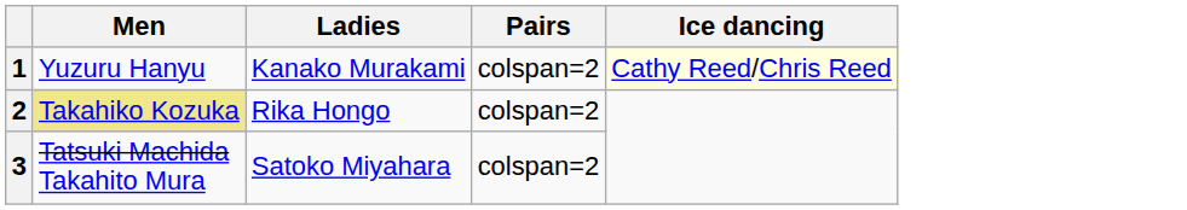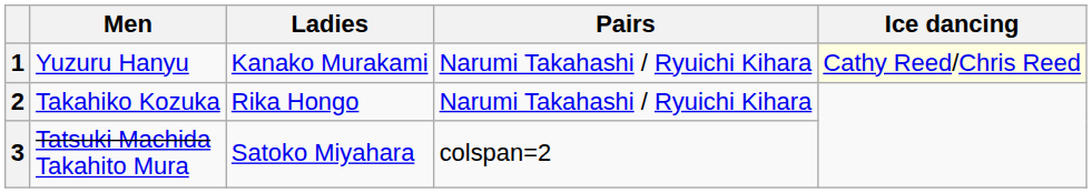 <table class="wikitable">
 <tr>
 <th></th>
 <th>Men</th>
 <th>Ladies</th>
 <th>Pairs</th>
 <th>Ice dancing</th>
 </tr>
 <tr>
 <th>1</th>
 <td><a href='#'>Yuzuru Hanyu</a></td>
 <td><a href='#'>Kanako Murakami</a></td>
-<td>colspan=2 </td>
+<td><a href='#'>Narumi Takahashi</a> / <a href='#'>Ryuichi Kihara</a></td>
 <td style="background: lightyellow;"><a href='#'>Cathy Reed</a>/<a href='#'>Chris Reed</a></td>
 </tr>
 <tr>
 <th>2</th>
-<td style="background: khaki;"><a href='#'>Takahiko Kozuka</a></td>
+<td><a href='#'>Takahiko Kozuka</a></td>
 <td><a href='#'>Rika Hongo</a></td>
-<td>colspan=2 </td>
+<td><a href='#'>Narumi Takahashi</a> / <a href='#'>Ryuichi Kihara</a></td>
 </tr>
 <tr>
 <th>3</th>
 <td><s><a href='#'>Tatsuki Machida</a></s> <br> <a href='#'>Takahito Mura</a></td>
 <td><a href='#'>Satoko Miyahara</a></td>
 <td>colspan=2 </td>
 </tr>
 </table>
